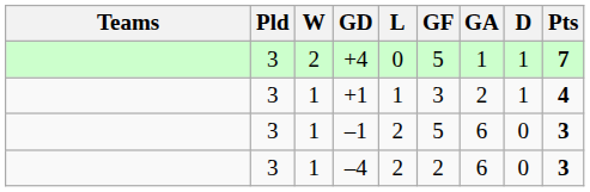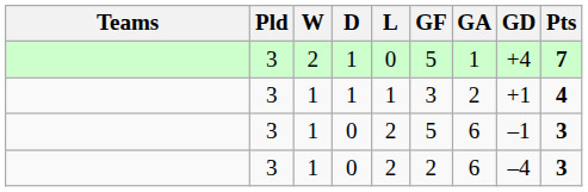 <table class="wikitable" style="text-align: center;">
 <tr>
 <th width=165>Teams</th>
 <th width=20>Pld</th>
 <th width=20>W</th>
-<th width=20>GD</th>
+<th width=20>D</th>
 <th width=20>L</th>
 <th width=20>GF</th>
 <th width=20>GA</th>
-<th width=20>D</th>
+<th width=20>GD</th>
 <th width=20>Pts</th>
 </tr>
 <tr align=center style="background:#ccffcc;">
 <td style="text-align:left;"></td>
 <td>3</td>
 <td>2</td>
-<td>+4</td>
+<td>1</td>
 <td>0</td>
 <td>5</td>
 <td>1</td>
-<td>1</td>
+<td>+4</td>
 <td><strong>7</strong></td>
 </tr>
 <tr align=center>
 <td style="text-align:left;"></td>
 <td>3</td>
 <td>1</td>
-<td>+1</td>
+<td>1</td>
 <td>1</td>
 <td>3</td>
 <td>2</td>
-<td>1</td>
+<td>+1</td>
 <td><strong>4</strong></td>
 </tr>
 <tr align=center>
 <td style="text-align:left;"></td>
 <td>3</td>
 <td>1</td>
-<td>–1</td>
+<td>0</td>
 <td>2</td>
 <td>5</td>
 <td>6</td>
-<td>0</td>
+<td>–1</td>
 <td><strong>3</strong></td>
 </tr>
 <tr align=center>
 <td style="text-align:left;"></td>
 <td>3</td>
 <td>1</td>
-<td>–4</td>
+<td>0</td>
 <td>2</td>
 <td>2</td>
 <td>6</td>
-<td>0</td>
+<td>–4</td>
 <td><strong>3</strong></td>
 </tr>
 </table>
